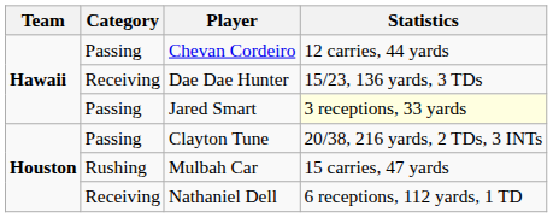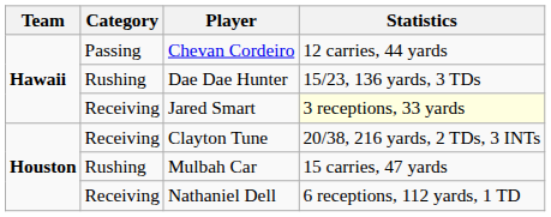 <table class="wikitable" style="float: left;">
 <tr>
 <th>Team</th>
 <th>Category</th>
 <th>Player</th>
 <th>Statistics</th>
 </tr>
 <tr>
 <td rowspan=3><strong>Hawaii</strong></td>
 <td>Passing</td>
 <td><a href='#'>Chevan Cordeiro</a></td>
 <td>12 carries, 44 yards</td>
 </tr>
 <tr>
-<td>Receiving</td>
+<td>Rushing</td>
 <td>Dae Dae Hunter</td>
 <td>15/23, 136 yards, 3 TDs</td>
 </tr>
 <tr>
-<td>Passing</td>
+<td>Receiving</td>
 <td>Jared Smart</td>
 <td style="background: lightyellow;">3 receptions, 33 yards</td>
 </tr>
 <tr>
 <td rowspan=3><strong>Houston</strong></td>
-<td>Passing</td>
+<td>Receiving</td>
 <td>Clayton Tune</td>
 <td>20/38, 216 yards, 2 TDs, 3 INTs</td>
 </tr>
 <tr>
 <td>Rushing</td>
 <td>Mulbah Car</td>
 <td>15 carries, 47 yards</td>
 </tr>
 <tr>
 <td>Receiving</td>
 <td>Nathaniel Dell</td>
 <td>6 receptions, 112 yards, 1 TD</td>
 </tr>
 </table>
